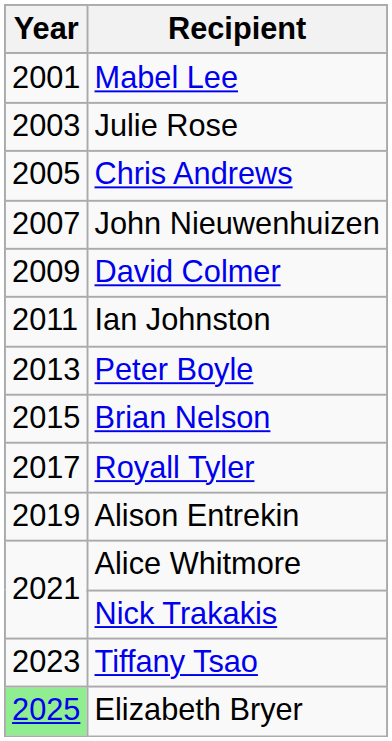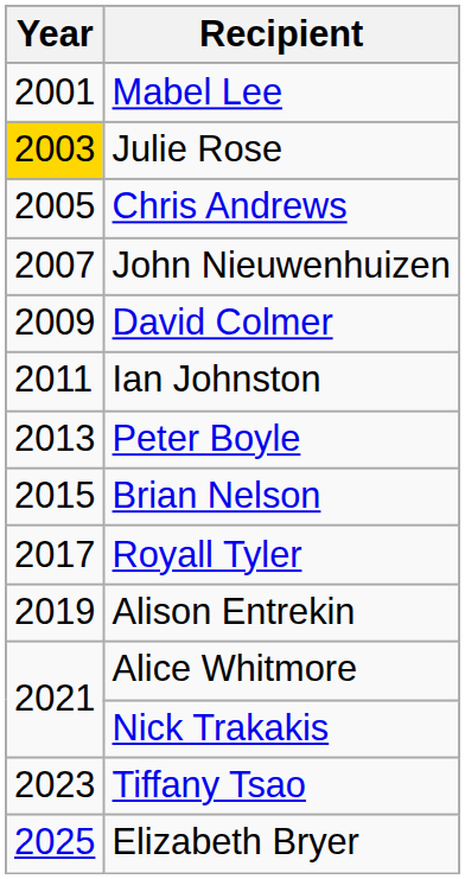 <table class="wikitable">
 <tr>
 <th>Year</th>
 <th>Recipient</th>
 </tr>
 <tr>
 <td>2001</td>
 <td><a href='#'>Mabel Lee</a></td>
 </tr>
 <tr>
-<td>2003</td>
+<td style="background: gold;">2003</td>
 <td>Julie Rose</td>
 </tr>
 <tr>
 <td>2005</td>
 <td><a href='#'>Chris Andrews</a></td>
 </tr>
 <tr>
 <td>2007</td>
 <td>John Nieuwenhuizen</td>
 </tr>
 <tr>
 <td>2009</td>
 <td><a href='#'>David Colmer</a></td>
 </tr>
 <tr>
 <td>2011</td>
 <td>Ian Johnston</td>
 </tr>
 <tr>
 <td>2013</td>
 <td><a href='#'>Peter Boyle</a></td>
 </tr>
 <tr>
 <td>2015</td>
 <td><a href='#'>Brian Nelson</a></td>
 </tr>
 <tr>
 <td>2017</td>
 <td><a href='#'>Royall Tyler</a></td>
 </tr>
 <tr>
 <td>2019</td>
 <td>Alison Entrekin</td>
 </tr>
 <tr>
 <td rowspan="2">2021</td>
 <td>Alice Whitmore</td>
 </tr>
 <tr>
 <td><a href='#'>Nick Trakakis</a></td>
 </tr>
 <tr>
 <td>2023</td>
 <td><a href='#'>Tiffany Tsao</a></td>
 </tr>
 <tr>
-<td style="background: lightgreen;"><a href='#'>2025</a></td>
+<td><a href='#'>2025</a></td>
 <td>Elizabeth Bryer</td>
 </tr>
 </table>
